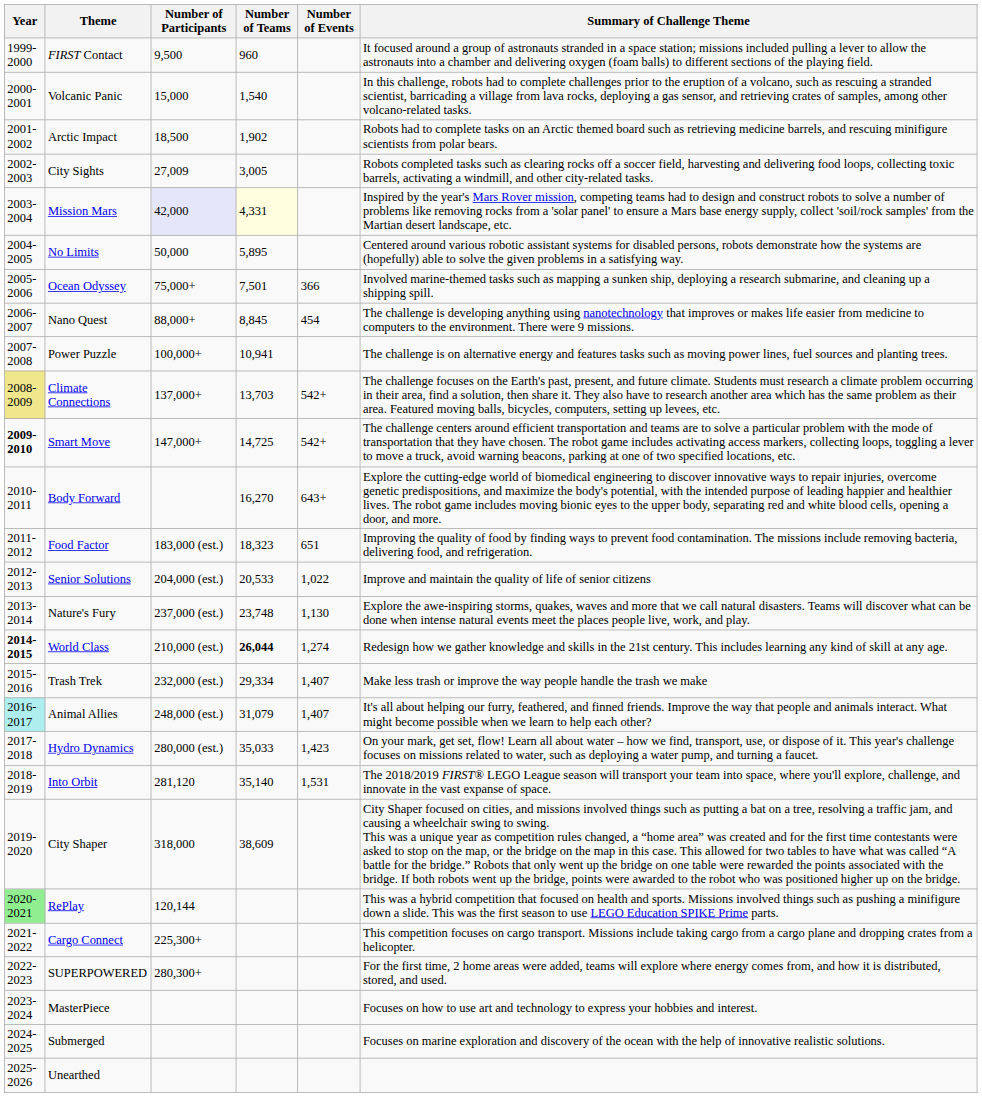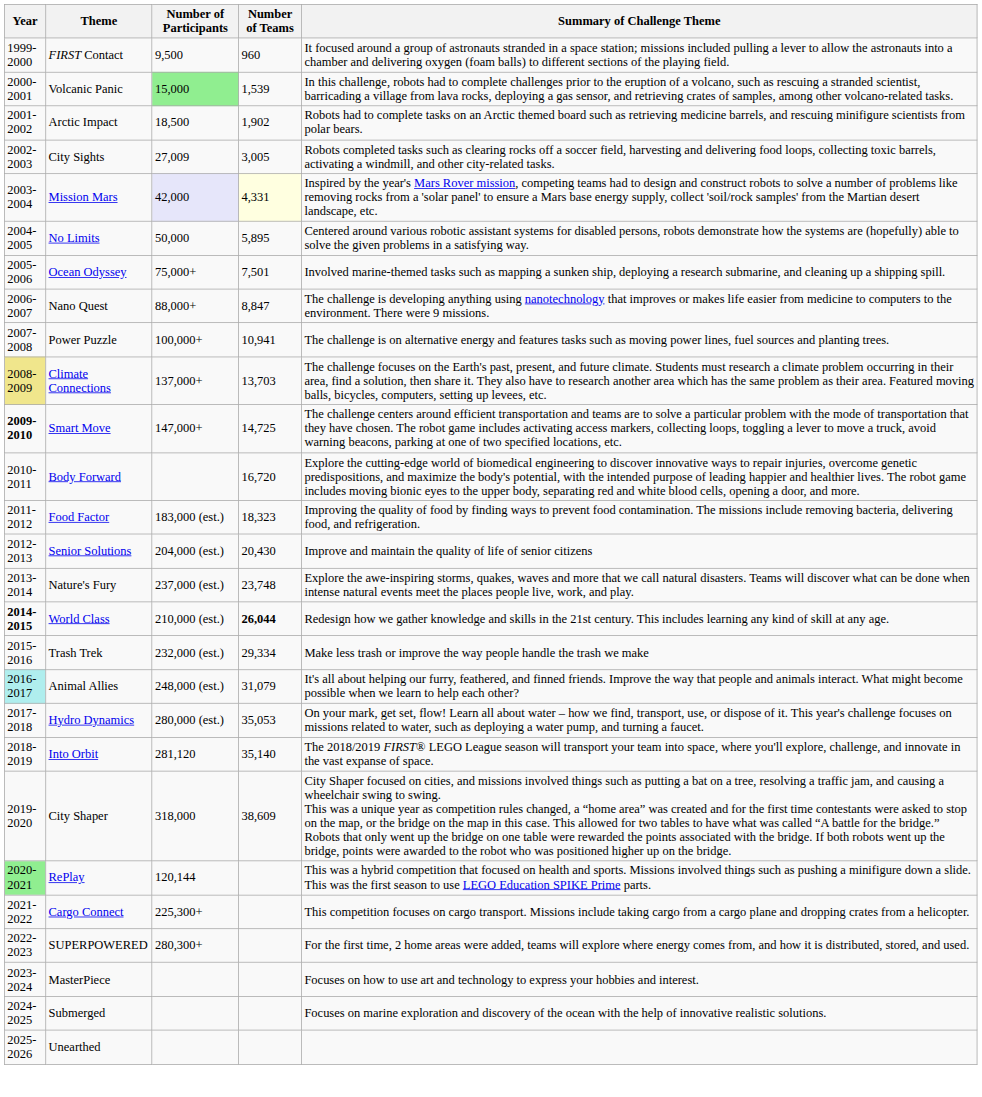 <table class="wikitable sortable mw-collapsible">
 <tr>
 <th>Year</th>
 <th>Theme</th>
 <th>Number of Participants</th>
 <th>Number of Teams</th>
-<th>Number of Events</th>
 <th>Summary of Challenge Theme</th>
 </tr>
 <tr>
 <td>1999-2000</td>
 <td><em>FIRST</em> Contact</td>
 <td>9,500</td>
 <td>960</td>
-<td></td>
 <td>It focused around a group of astronauts stranded in a space station; missions included pulling a lever to allow the astronauts into a chamber and delivering oxygen (foam balls) to different sections of the playing field.</td>
 </tr>
 <tr>
 <td>2000-2001</td>
 <td>Volcanic Panic</td>
-<td>15,000</td>
-<td>1,540</td>
-<td></td>
+<td style="background: lightgreen;">15,000</td>
+<td>1,539</td>
 <td>In this challenge, robots had to complete challenges prior to the eruption of a volcano, such as rescuing a stranded scientist, barricading a village from lava rocks, deploying a gas sensor, and retrieving crates of samples, among other volcano-related tasks.</td>
 </tr>
 <tr>
 <td>2001-2002</td>
 <td>Arctic Impact</td>
 <td>18,500</td>
 <td>1,902</td>
-<td></td>
 <td>Robots had to complete tasks on an Arctic themed board such as retrieving medicine barrels, and rescuing minifigure scientists from polar bears.</td>
 </tr>
 <tr>
 <td>2002-2003</td>
 <td>City Sights</td>
 <td>27,009</td>
 <td>3,005</td>
-<td></td>
 <td>Robots completed tasks such as clearing rocks off a soccer field, harvesting and delivering food loops, collecting toxic barrels, activating a windmill, and other city-related tasks.</td>
 </tr>
 <tr>
 <td>2003-2004</td>
 <td><a href='#'>Mission Mars</a></td>
 <td style="background: lavender;">42,000</td>
 <td style="background: lightyellow;">4,331</td>
-<td></td>
 <td>Inspired by the year's <a href='#'>Mars Rover mission</a>, competing teams had to design and construct robots to solve a number of problems like removing rocks from a 'solar panel' to ensure a Mars base energy supply, collect 'soil/rock samples' from the Martian desert landscape, etc.</td>
 </tr>
 <tr>
 <td>2004-2005</td>
 <td><a href='#'>No Limits</a></td>
 <td>50,000</td>
 <td>5,895</td>
-<td></td>
 <td>Centered around various robotic assistant systems for disabled persons, robots demonstrate how the systems are (hopefully) able to solve the given problems in a satisfying way.</td>
 </tr>
 <tr>
 <td>2005-2006</td>
 <td><a href='#'>Ocean Odyssey</a></td>
 <td>75,000+</td>
 <td>7,501</td>
-<td>366</td>
 <td>Involved marine-themed tasks such as mapping a sunken ship, deploying a research submarine, and cleaning up a shipping spill.</td>
 </tr>
 <tr>
 <td>2006-2007</td>
 <td>Nano Quest</td>
 <td>88,000+</td>
-<td>8,845</td>
-<td>454</td>
+<td>8,847</td>
 <td>The challenge is developing anything using <a href='#'>nanotechnology</a> that improves or makes life easier from medicine to computers to the environment. There were 9 missions.</td>
 </tr>
 <tr>
 <td>2007-2008</td>
 <td>Power Puzzle</td>
 <td>100,000+</td>
 <td>10,941</td>
-<td></td>
 <td>The challenge is on alternative energy and features tasks such as moving power lines, fuel sources and planting trees.</td>
 </tr>
 <tr>
 <td style="background: khaki;">2008-2009</td>
 <td><a href='#'>Climate Connections</a></td>
 <td>137,000+</td>
 <td>13,703</td>
-<td>542+</td>
 <td>The challenge focuses on the Earth's past, present, and future climate.  Students must research a climate problem occurring in their area, find a solution, then share it.  They also have to research another area which has the same problem as their area. Featured moving balls, bicycles, computers, setting up levees, etc.</td>
 </tr>
 <tr>
 <td><strong>2009-2010</strong></td>
 <td><a href='#'>Smart Move</a></td>
 <td>147,000+</td>
 <td>14,725</td>
-<td>542+</td>
 <td>The challenge centers around efficient transportation and teams are to solve a particular problem with the mode of transportation that they have chosen. The robot game includes activating access markers, collecting loops, toggling a lever to move a truck, avoid warning beacons, parking at one of two specified locations, etc.</td>
 </tr>
 <tr>
 <td>2010-2011</td>
 <td><a href='#'>Body Forward</a></td>
 <td></td>
-<td>16,270</td>
-<td>643+</td>
+<td>16,720</td>
 <td>Explore the cutting-edge world of biomedical engineering to discover innovative ways to repair injuries, overcome genetic predispositions, and maximize the body's potential, with the intended purpose of leading happier and healthier lives. The robot game includes moving bionic eyes to the upper body, separating red and white blood cells, opening a door, and more.</td>
 </tr>
 <tr>
 <td>2011-2012</td>
 <td><a href='#'>Food Factor</a></td>
 <td>183,000 (est.)</td>
 <td>18,323</td>
-<td>651</td>
 <td>Improving the quality of food by finding ways to prevent food contamination. The missions include removing bacteria, delivering food, and refrigeration.</td>
 </tr>
 <tr>
 <td>2012-2013</td>
 <td><a href='#'>Senior Solutions</a></td>
 <td>204,000 (est.)</td>
-<td>20,533</td>
-<td>1,022</td>
+<td>20,430</td>
 <td>Improve and maintain the quality of life of senior citizens</td>
 </tr>
 <tr>
 <td>2013-2014</td>
 <td>Nature's Fury</td>
 <td>237,000 (est.)</td>
 <td>23,748</td>
-<td>1,130</td>
 <td>Explore the awe-inspiring storms, quakes, waves and more that we call natural disasters. Teams will discover what can be done when intense natural events meet the places people live, work, and play.</td>
 </tr>
 <tr>
 <td><strong>2014-2015</strong></td>
 <td><a href='#'>World Class</a></td>
 <td>210,000 (est.)</td>
 <td><strong>26,044</strong></td>
-<td>1,274</td>
 <td>Redesign how we gather knowledge and skills in the 21st century. This includes learning any kind of skill at any age.</td>
 </tr>
 <tr>
 <td>2015-2016</td>
 <td>Trash Trek</td>
 <td>232,000 (est.)</td>
 <td>29,334</td>
-<td>1,407</td>
 <td>Make less trash or improve the way people handle the trash we make</td>
 </tr>
 <tr>
 <td style="background: paleturquoise;">2016-2017</td>
 <td>Animal Allies</td>
 <td>248,000 (est.)</td>
 <td>31,079</td>
-<td>1,407</td>
 <td>It's all about helping our furry, feathered, and finned friends. Improve the way that people and animals interact. What might become possible when we learn to help each other?</td>
 </tr>
 <tr>
 <td>2017-2018</td>
 <td><a href='#'>Hydro Dynamics</a></td>
 <td>280,000 (est.)</td>
-<td>35,033</td>
-<td>1,423</td>
+<td>35,053</td>
 <td>On your mark, get set, flow! Learn all about water – how we find, transport, use, or dispose of it. This year's challenge focuses on missions related to water, such as deploying a water pump, and turning a faucet.</td>
 </tr>
 <tr>
 <td>2018-2019</td>
 <td><a href='#'>Into Orbit</a></td>
 <td>281,120</td>
 <td>35,140</td>
-<td>1,531</td>
 <td>The 2018/2019 <em>FIRST</em>® LEGO League season will transport your team into space, where you'll explore, challenge, and innovate in the vast expanse of space.</td>
 </tr>
 <tr>
 <td>2019-2020</td>
 <td>City Shaper</td>
 <td>318,000</td>
 <td>38,609</td>
-<td></td>
 <td>City Shaper focused on cities, and missions involved things such as putting a bat on a tree, resolving a traffic jam, and causing a wheelchair swing to swing.<br>This was a unique year as competition rules changed,  a “home area” was created and for the first time contestants were asked to stop on the map, or the bridge on the map in this case. This allowed for two tables to have what was called “A battle for the bridge.” Robots that only went up the bridge on one table were rewarded the points associated with the bridge. If both robots went up the bridge, points were awarded to the robot who was positioned higher up on the bridge.</td>
 </tr>
 <tr>
 <td style="background: lightgreen;">2020-2021</td>
 <td><a href='#'>RePlay</a></td>
 <td>120,144</td>
-<td></td>
 <td></td>
 <td>This was a hybrid competition that focused on health and sports. Missions involved things such as pushing a minifigure down a slide. This was the first season to use <a href='#'>LEGO Education SPIKE Prime</a> parts.</td>
 </tr>
 <tr>
 <td>2021-2022</td>
 <td><a href='#'>Cargo Connect</a></td>
 <td>225,300+</td>
 <td></td>
-<td></td>
 <td>This competition focuses on cargo transport. Missions include taking cargo from a cargo plane and dropping crates from a helicopter.</td>
 </tr>
 <tr>
 <td>2022-2023</td>
 <td>SUPERPOWERED</td>
 <td>280,300+</td>
-<td></td>
 <td></td>
 <td>For the first time, 2 home areas were added, teams will explore where energy comes from, and how it is distributed, stored, and used.</td>
 </tr>
 <tr>
 <td>2023-2024</td>
 <td>MasterPiece</td>
 <td></td>
 <td></td>
-<td></td>
 <td>Focuses on how to use art and technology to express your hobbies and interest.</td>
 </tr>
 <tr>
 <td>2024-2025</td>
 <td>Submerged</td>
-<td></td>
 <td></td>
 <td></td>
 <td>Focuses on marine exploration and discovery of the ocean with the help of innovative realistic solutions.</td>
 </tr>
 <tr>
 <td>2025-2026</td>
 <td>Unearthed</td>
 <td></td>
 <td></td>
 <td></td>
-<td></td>
 </tr>
 </table>
